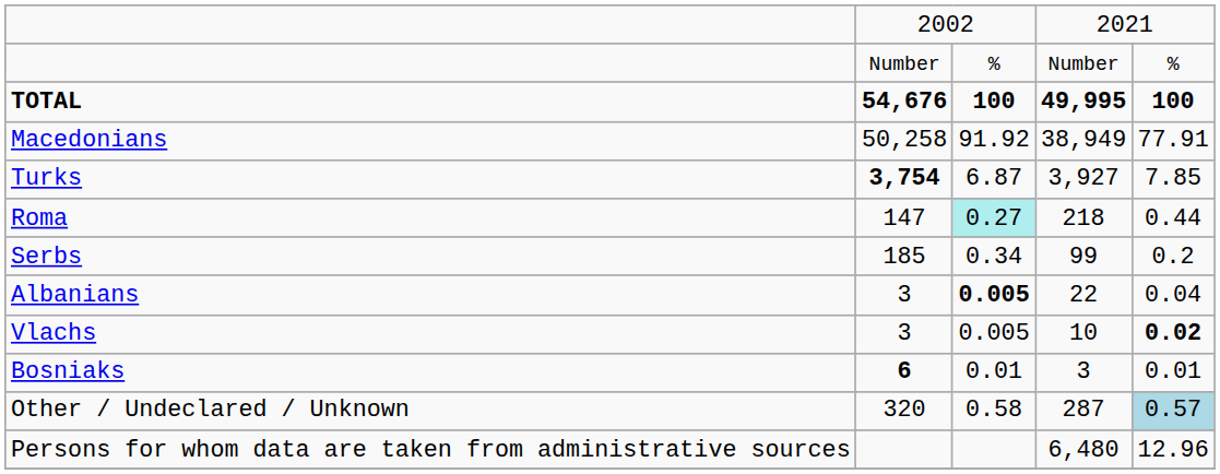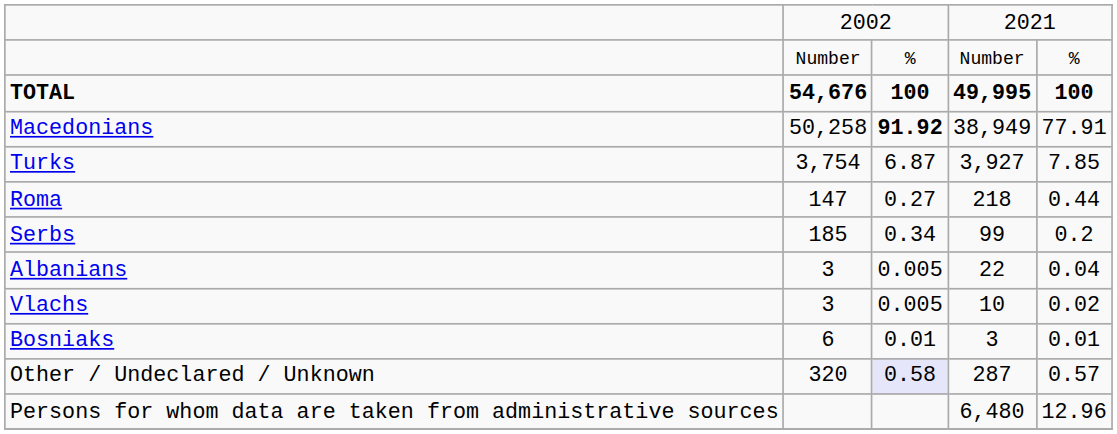 <table class="wikitable">
 <tr>
 <td></td>
 <td colspan="2" align="center">2002</td>
 <td colspan="2" align="center">2021</td>
 </tr>
 <tr>
 <td></td>
 <td align="center"><small>Number</small></td>
 <td align="center"><small>%</small></td>
 <td align="center"><small>Number</small></td>
 <td align="center"><small>%</small></td>
 </tr>
 <tr>
 <td><strong>TOTAL</strong></td>
 <td align="center"><strong>54,676</strong></td>
 <td align="center"><strong>100</strong></td>
 <td align="center"><strong>49,995</strong></td>
 <td align="center"><strong>100</strong></td>
 </tr>
 <tr>
 <td><a href='#'>Macedonians</a></td>
 <td align="center">50,258</td>
-<td align="center">91.92</td>
+<td align="center"><strong>91.92</strong></td>
 <td align="center">38,949</td>
 <td align="center">77.91</td>
 </tr>
 <tr>
 <td><a href='#'>Turks</a></td>
-<td align="center"><strong>3,754</strong></td>
+<td align="center">3,754</td>
 <td align="center">6.87</td>
 <td align="center">3,927</td>
 <td align="center">7.85</td>
 </tr>
 <tr>
 <td><a href='#'>Roma</a></td>
 <td align="center">147</td>
-<td align="center" style="background: paleturquoise;">0.27</td>
+<td align="center">0.27</td>
 <td align="center">218</td>
 <td align="center">0.44</td>
 </tr>
 <tr>
 <td><a href='#'>Serbs</a></td>
 <td align="center">185</td>
 <td align="center">0.34</td>
 <td align="center">99</td>
 <td align="center">0.2</td>
 </tr>
 <tr>
 <td><a href='#'>Albanians</a></td>
 <td align="center">3</td>
-<td align="center"><strong>0.005</strong></td>
+<td align="center">0.005</td>
 <td align="center">22</td>
 <td align="center">0.04</td>
 </tr>
 <tr>
 <td><a href='#'>Vlachs</a></td>
 <td align="center">3</td>
 <td align="center">0.005</td>
 <td align="center">10</td>
-<td align="center"><strong>0.02</strong></td>
+<td align="center">0.02</td>
 </tr>
 <tr>
 <td><a href='#'>Bosniaks</a></td>
-<td align="center"><strong>6</strong></td>
+<td align="center">6</td>
 <td align="center">0.01</td>
 <td align="center">3</td>
 <td align="center">0.01</td>
 </tr>
 <tr>
 <td>Other / Undeclared / Unknown</td>
 <td align="center">320</td>
-<td align="center">0.58</td>
+<td align="center" style="background: lavender;">0.58</td>
 <td align="center">287</td>
-<td align="center" style="background: lightblue;">0.57</td>
+<td align="center">0.57</td>
 </tr>
 <tr>
 <td>Persons for whom data are taken from administrative sources</td>
 <td></td>
 <td></td>
 <td align="center">6,480</td>
 <td align="center">12.96</td>
 </tr>
 <tr>
 </tr>
 </table>
